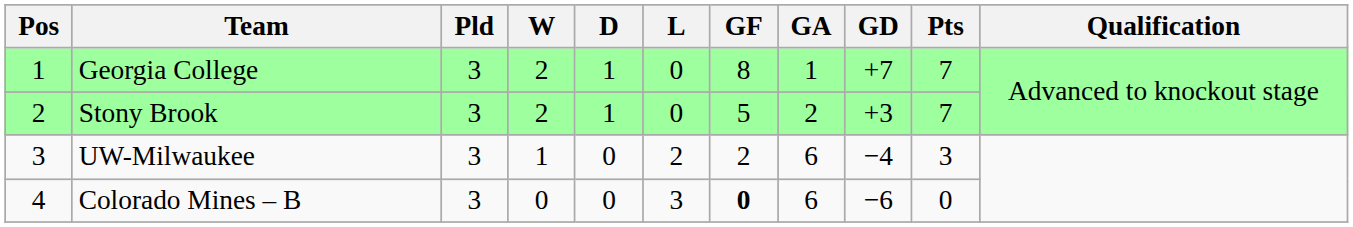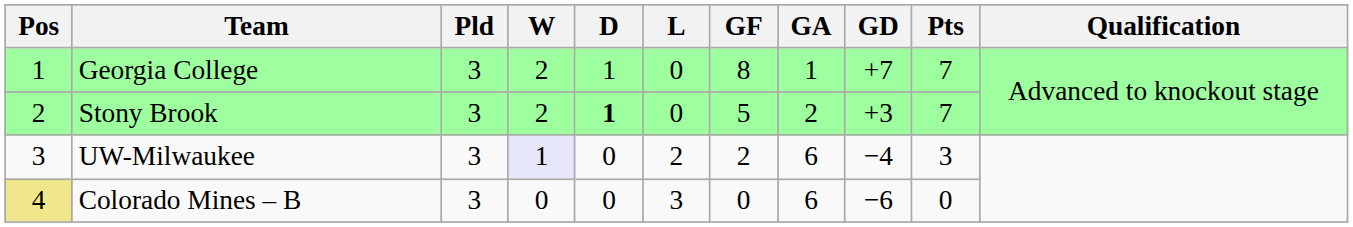 <table class="wikitable" style="text-align:center; margin: 1em auto">
 <tr>
 <th style="width:2em">Pos</th>
 <th style="width:13em">Team</th>
 <th style="width:2em">Pld</th>
 <th style="width:2em">W</th>
 <th style="width:2em">D</th>
 <th style="width:2em">L</th>
 <th style="width:2em">GF</th>
 <th style="width:2em">GA</th>
 <th style="width:2em">GD</th>
 <th style="width:2em">Pts</th>
 <th style="width:13em">Qualification</th>
 </tr>
 <tr bgcolor="#9eff9e">
 <td>1</td>
 <td style="text-align:left">Georgia College</td>
 <td>3</td>
 <td>2</td>
 <td>1</td>
 <td>0</td>
 <td>8</td>
 <td>1</td>
 <td>+7</td>
 <td>7</td>
 <td rowspan="2">Advanced to knockout stage</td>
 </tr>
 <tr bgcolor="#9eff9e">
 <td>2</td>
 <td style="text-align:left">Stony Brook</td>
 <td>3</td>
 <td>2</td>
-<td>1</td>
+<td><strong>1</strong></td>
 <td>0</td>
 <td>5</td>
 <td>2</td>
 <td>+3</td>
 <td>7</td>
 </tr>
 <tr>
 <td>3</td>
 <td style="text-align:left">UW-Milwaukee</td>
 <td>3</td>
-<td>1</td>
+<td style="background: lavender;">1</td>
 <td>0</td>
 <td>2</td>
 <td>2</td>
 <td>6</td>
 <td>−4</td>
 <td>3</td>
 <td rowspan="2"></td>
 </tr>
 <tr>
-<td>4</td>
+<td style="background: khaki;">4</td>
 <td style="text-align:left">Colorado Mines – B</td>
 <td>3</td>
 <td>0</td>
 <td>0</td>
 <td>3</td>
-<td><strong>0</strong></td>
+<td>0</td>
 <td>6</td>
 <td>−6</td>
 <td>0</td>
 </tr>
 </table>
